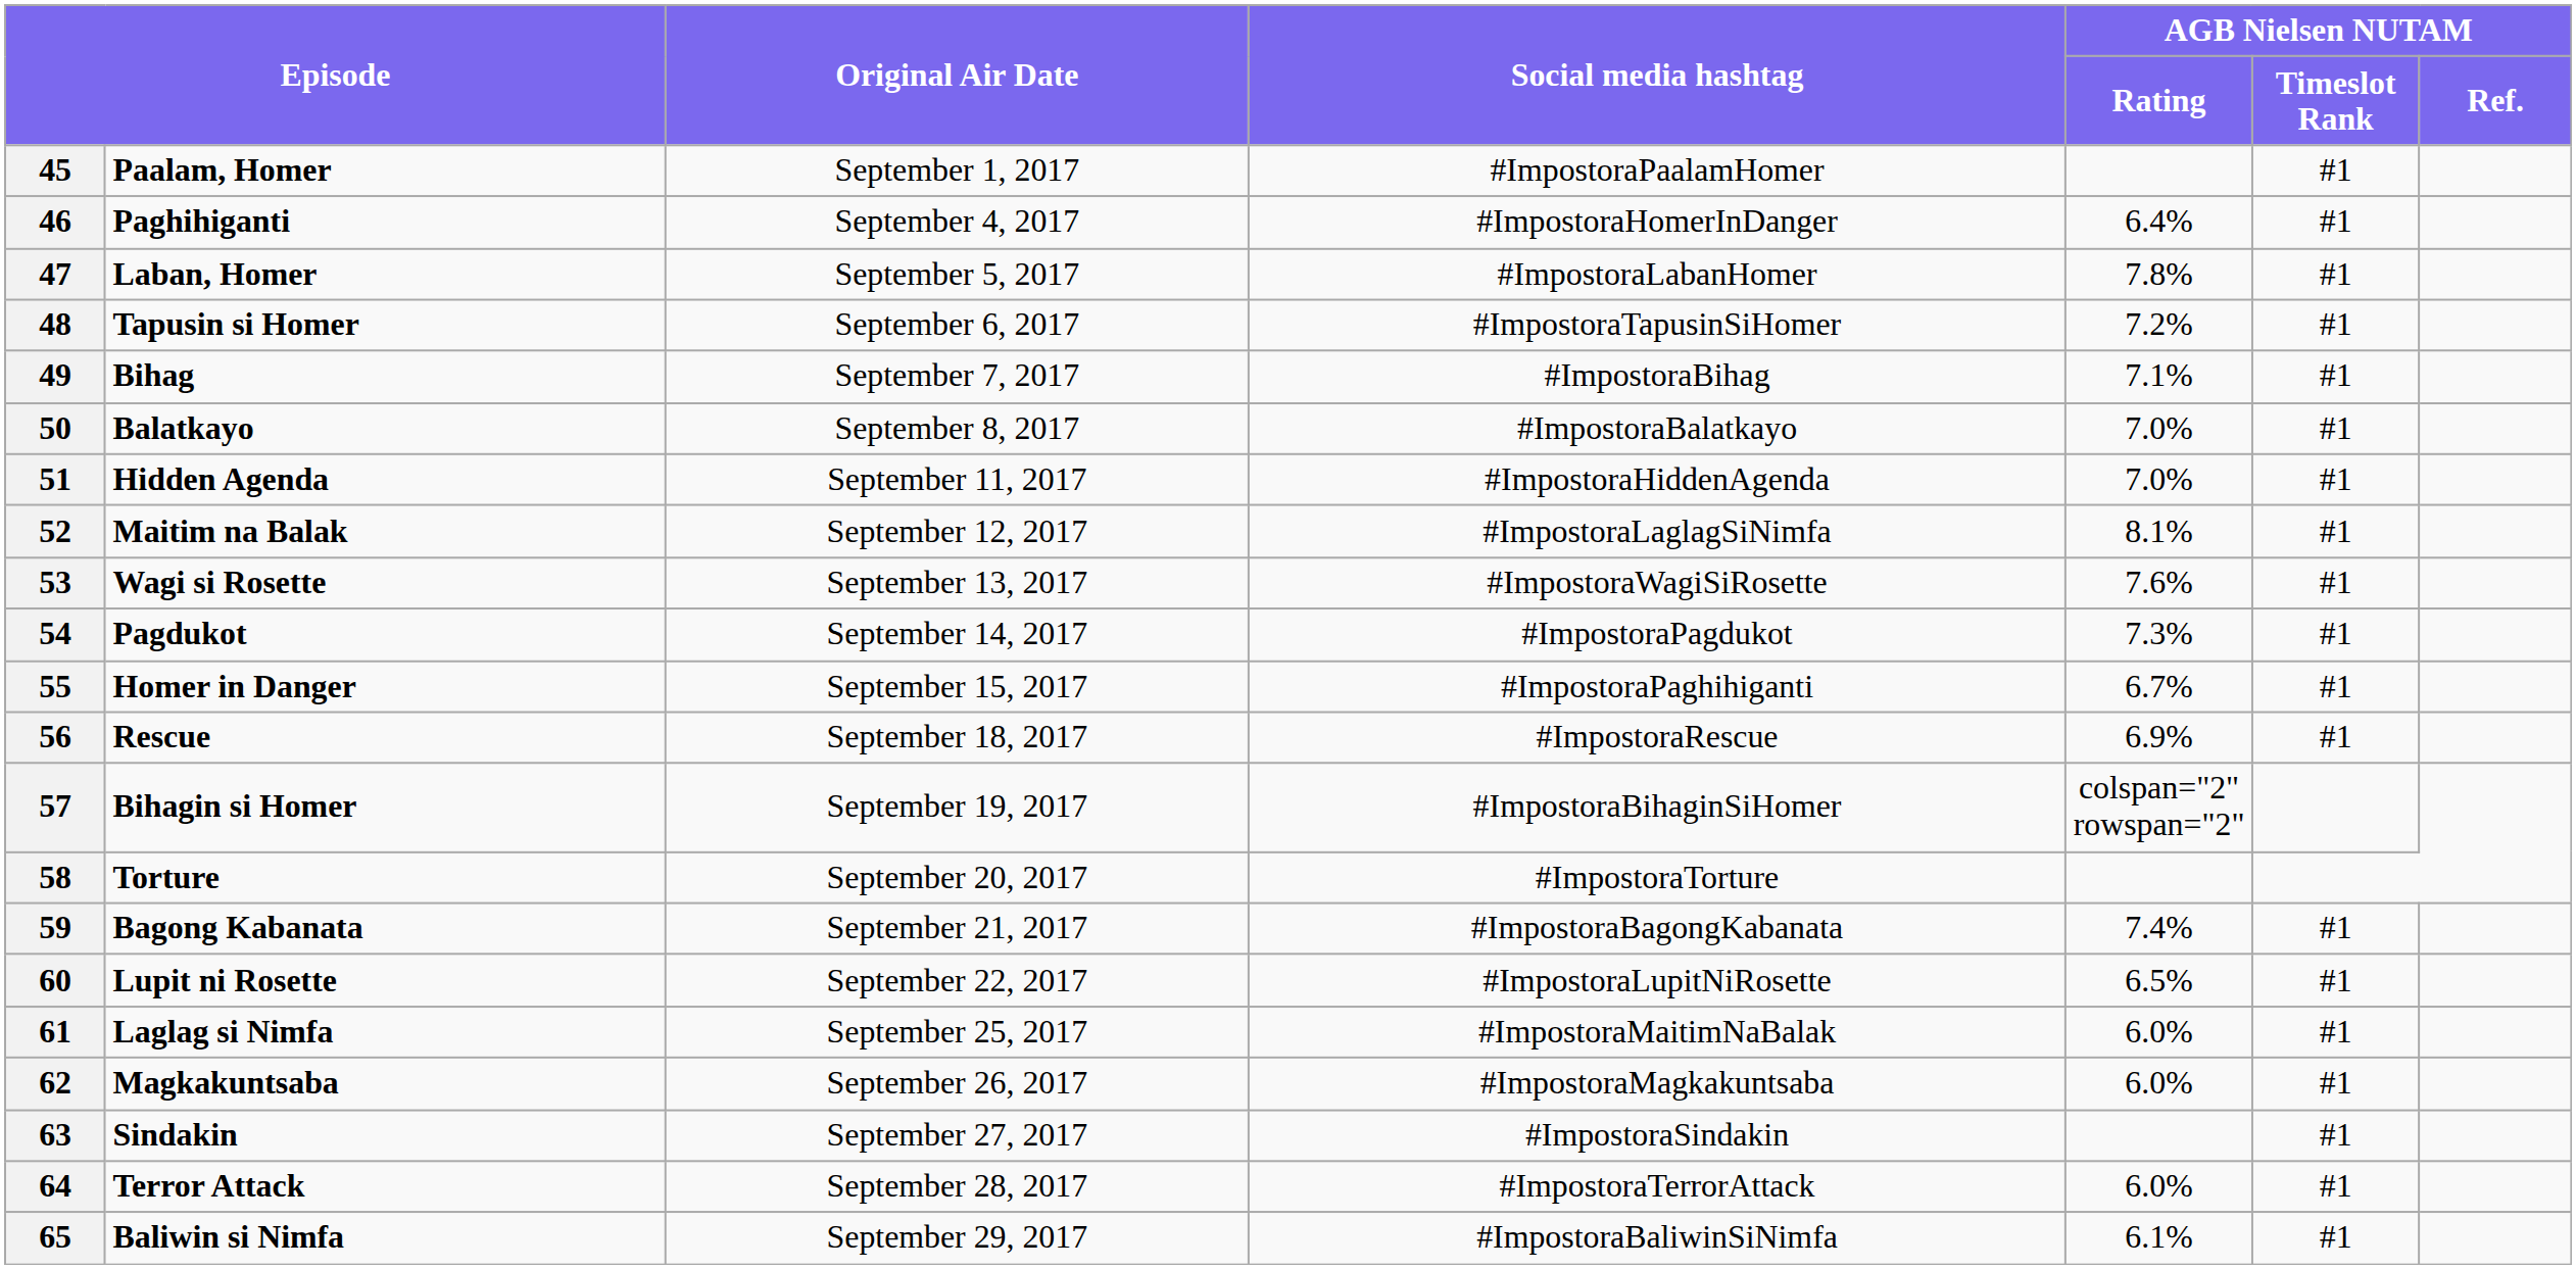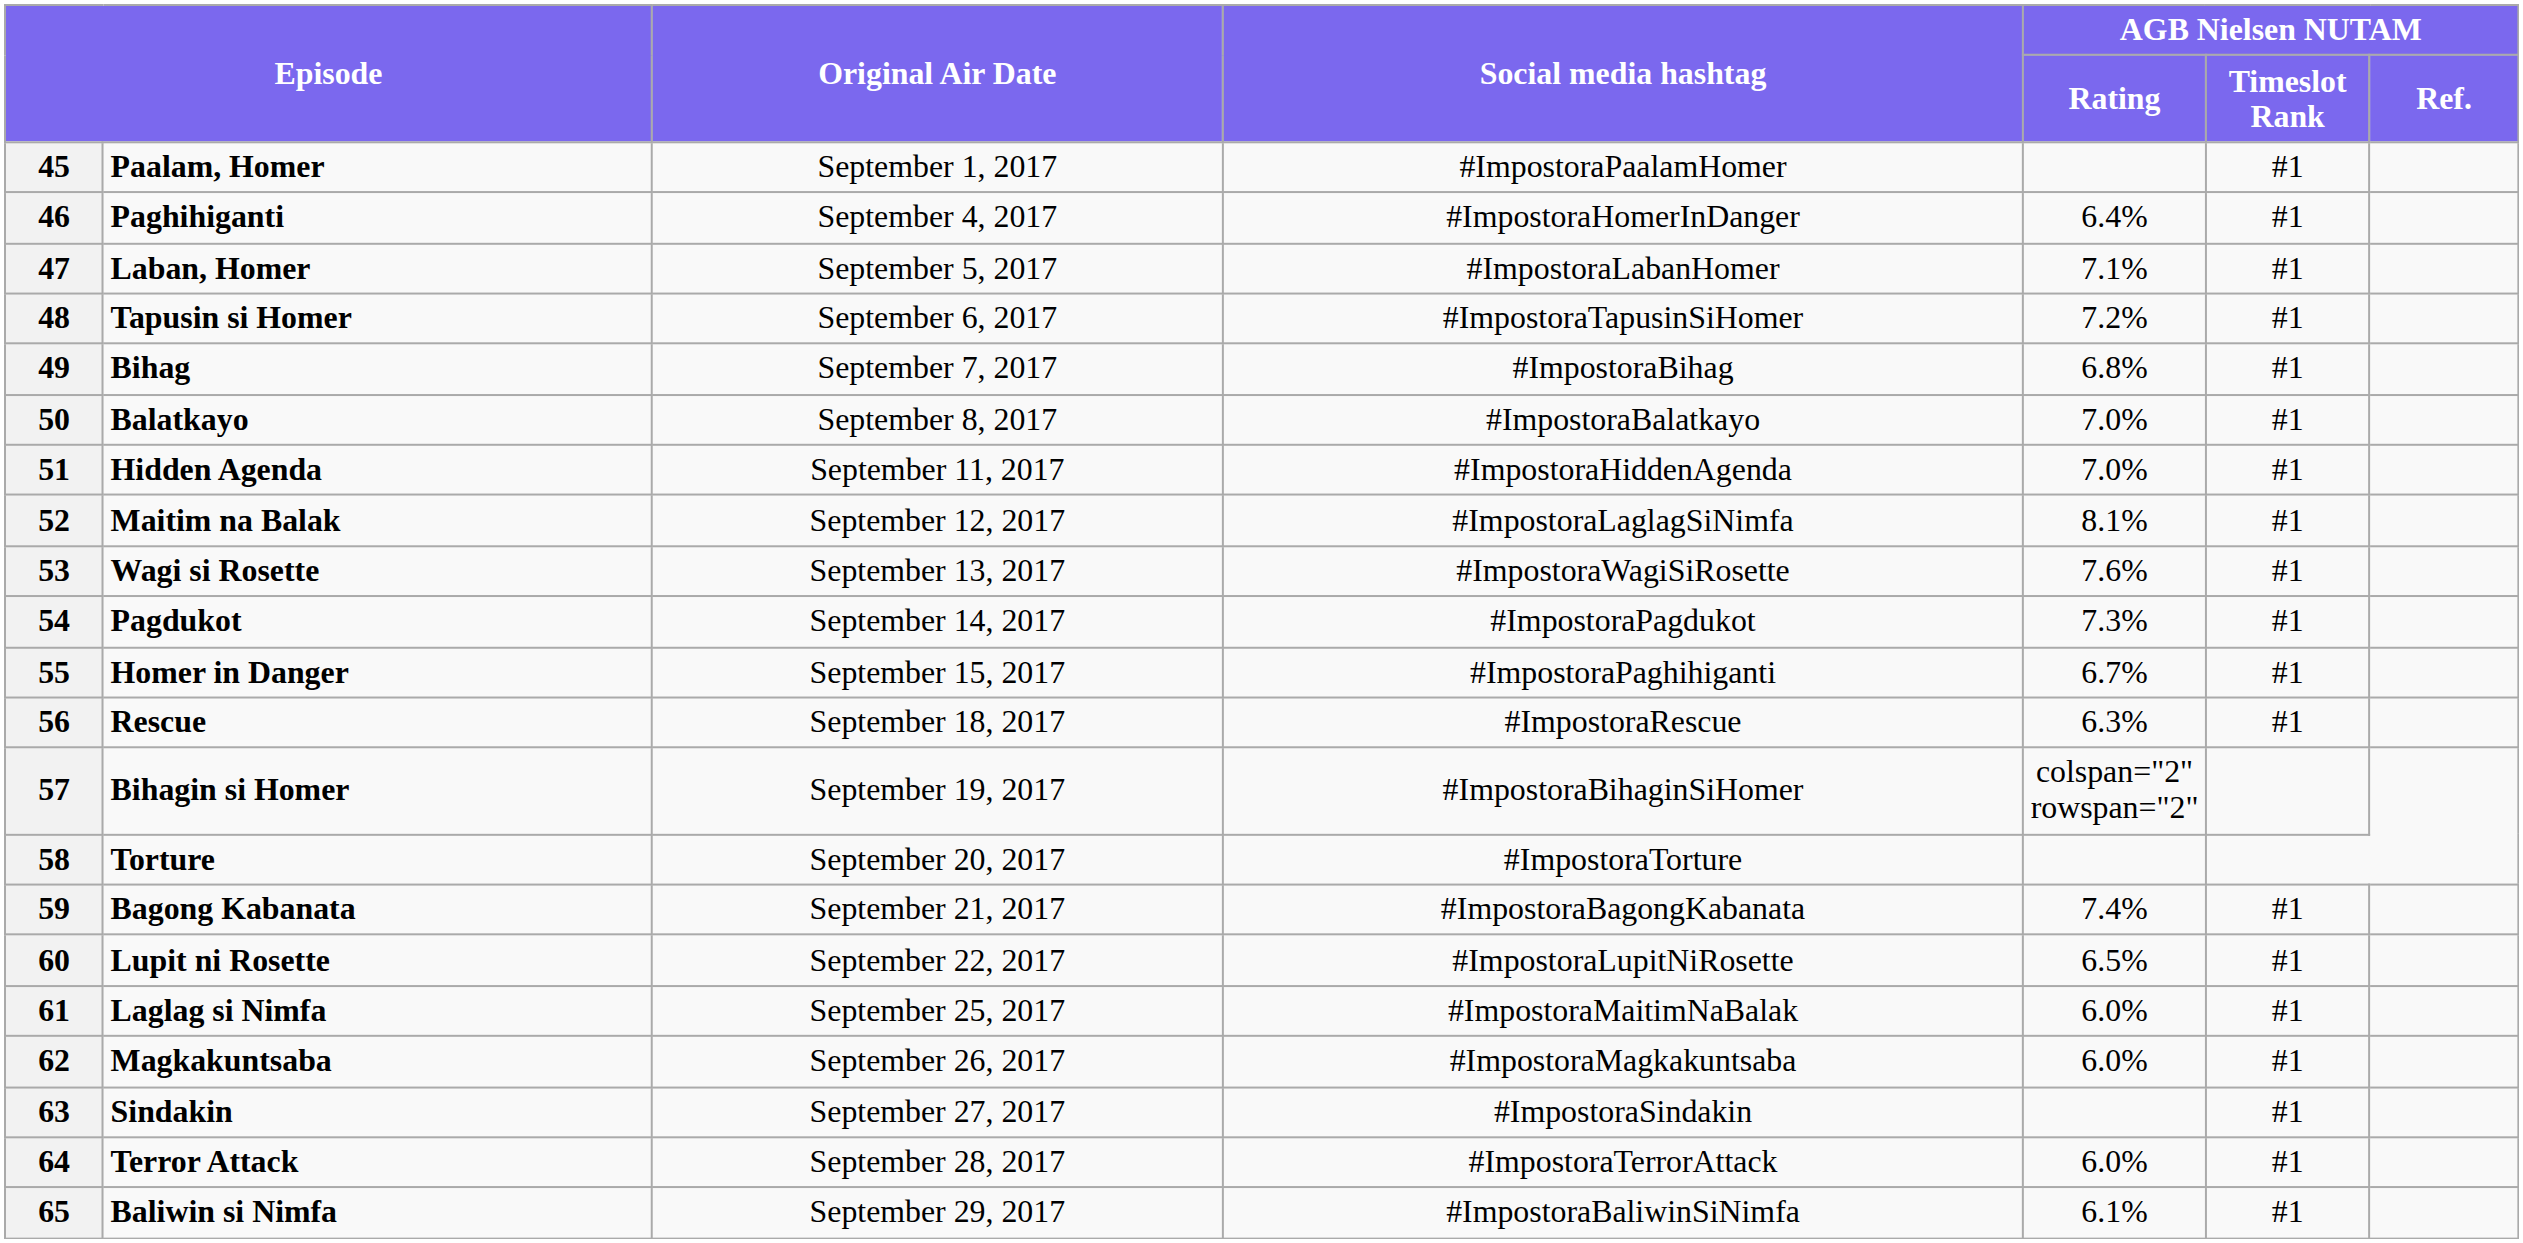 <table class="wikitable" style="text-align:center; font-size:100%; line-height:18px;"  width="100%">
 <tr>
 <th colspan="2" rowspan="2" style="background-color:#7B68EE; color:#ffffff;">Episode</th>
 <th style="background:#7B68EE; color:white" rowspan="2">Original Air Date</th>
 <th style="background:#7B68EE; color:white" rowspan="2">Social media hashtag</th>
 <th style="background-color:#7B68EE; color:#ffffff;" colspan="3">AGB Nielsen NUTAM</th>
 </tr>
 <tr>
 <th style="background-color:#7B68EE; width:75px; color:#ffffff;">Rating</th>
 <th style="background-color:#7B68EE; width:75px; color:#ffffff;">Timeslot<br>Rank</th>
 <th style="background-color:#7B68EE; color:#ffffff;">Ref.</th>
 </tr>
 <tr>
 <th>45</th>
 <td style="text-align: left;"><strong>Paalam, Homer</strong></td>
 <td>September 1, 2017</td>
 <td>#ImpostoraPaalamHomer</td>
 <td></td>
 <td>#1</td>
 <td></td>
 </tr>
 <tr>
 <th>46</th>
 <td style="text-align: left;"><strong>Paghihiganti</strong></td>
 <td>September 4, 2017</td>
 <td>#ImpostoraHomerInDanger</td>
 <td>6.4%</td>
 <td>#1</td>
 <td></td>
 </tr>
 <tr>
 <th>47</th>
 <td style="text-align: left;"><strong>Laban, Homer</strong></td>
 <td>September 5, 2017</td>
 <td>#ImpostoraLabanHomer</td>
-<td>7.8%</td>
+<td>7.1%</td>
 <td>#1</td>
 <td></td>
 </tr>
 <tr>
 <th>48</th>
 <td style="text-align: left;"><strong>Tapusin si Homer</strong></td>
 <td>September 6, 2017</td>
 <td>#ImpostoraTapusinSiHomer</td>
 <td>7.2%</td>
 <td>#1</td>
 <td></td>
 </tr>
 <tr>
 <th>49</th>
 <td style="text-align: left;"><strong>Bihag</strong></td>
 <td>September 7, 2017</td>
 <td>#ImpostoraBihag</td>
-<td>7.1%</td>
+<td>6.8%</td>
 <td>#1</td>
 <td></td>
 </tr>
 <tr>
 <th>50</th>
 <td style="text-align: left;"><strong>Balatkayo</strong></td>
 <td>September 8, 2017</td>
 <td>#ImpostoraBalatkayo</td>
 <td>7.0%</td>
 <td>#1</td>
 <td></td>
 </tr>
 <tr>
 <th>51</th>
 <td style="text-align: left;"><strong>Hidden Agenda</strong></td>
 <td>September 11, 2017</td>
 <td>#ImpostoraHiddenAgenda</td>
 <td>7.0%</td>
 <td>#1</td>
 <td></td>
 </tr>
 <tr>
 <th>52</th>
 <td style="text-align: left;"><strong>Maitim na Balak</strong></td>
 <td>September 12, 2017</td>
 <td>#ImpostoraLaglagSiNimfa</td>
 <td>8.1%</td>
 <td>#1</td>
 <td></td>
 </tr>
 <tr>
 <th>53</th>
 <td style="text-align: left;"><strong>Wagi si Rosette</strong></td>
 <td>September 13, 2017</td>
 <td>#ImpostoraWagiSiRosette</td>
 <td>7.6%</td>
 <td>#1</td>
 <td></td>
 </tr>
 <tr>
 <th>54</th>
 <td style="text-align: left;"><strong>Pagdukot</strong></td>
 <td>September 14, 2017</td>
 <td>#ImpostoraPagdukot</td>
 <td>7.3%</td>
 <td>#1</td>
 <td></td>
 </tr>
 <tr>
 <th>55</th>
 <td style="text-align: left;"><strong>Homer in Danger</strong></td>
 <td>September 15, 2017</td>
 <td>#ImpostoraPaghihiganti</td>
 <td>6.7%</td>
 <td>#1</td>
 <td></td>
 </tr>
 <tr>
 <th>56</th>
 <td style="text-align: left;"><strong>Rescue</strong></td>
 <td>September 18, 2017</td>
 <td>#ImpostoraRescue</td>
-<td>6.9%</td>
+<td>6.3%</td>
 <td>#1</td>
 <td></td>
 </tr>
 <tr>
 <th>57</th>
 <td style="text-align: left;"><strong>Bihagin si Homer</strong></td>
 <td>September 19, 2017</td>
 <td>#ImpostoraBihaginSiHomer</td>
 <td>colspan="2" rowspan="2" </td>
 <td></td>
 </tr>
 <tr>
 <th>58</th>
 <td style="text-align: left;"><strong>Torture</strong></td>
 <td>September 20, 2017</td>
 <td>#ImpostoraTorture</td>
 <td></td>
 </tr>
 <tr>
 <th>59</th>
 <td style="text-align: left;"><strong>Bagong Kabanata</strong></td>
 <td>September 21, 2017</td>
 <td>#ImpostoraBagongKabanata</td>
 <td>7.4%</td>
 <td>#1</td>
 <td></td>
 </tr>
 <tr>
 <th>60</th>
 <td style="text-align: left;"><strong>Lupit ni Rosette</strong></td>
 <td>September 22, 2017</td>
 <td>#ImpostoraLupitNiRosette</td>
 <td>6.5%</td>
 <td>#1</td>
 <td></td>
 </tr>
 <tr>
 <th>61</th>
 <td style="text-align: left;"><strong>Laglag si Nimfa</strong></td>
 <td>September 25, 2017</td>
 <td>#ImpostoraMaitimNaBalak</td>
 <td>6.0%</td>
 <td>#1</td>
 <td></td>
 </tr>
 <tr>
 <th>62</th>
 <td style="text-align: left;"><strong>Magkakuntsaba</strong></td>
 <td>September 26, 2017</td>
 <td>#ImpostoraMagkakuntsaba</td>
 <td>6.0%</td>
 <td>#1</td>
 <td></td>
 </tr>
 <tr>
 <th>63</th>
 <td style="text-align: left;"><strong>Sindakin</strong></td>
 <td>September 27, 2017</td>
 <td>#ImpostoraSindakin</td>
 <td></td>
 <td>#1</td>
 <td></td>
 </tr>
 <tr>
 <th>64</th>
 <td style="text-align: left;"><strong>Terror Attack</strong></td>
 <td>September 28, 2017</td>
 <td>#ImpostoraTerrorAttack</td>
 <td>6.0%</td>
 <td>#1</td>
 <td></td>
 </tr>
 <tr>
 <th>65</th>
 <td style="text-align: left;"><strong>Baliwin si Nimfa</strong></td>
 <td>September 29, 2017</td>
 <td>#ImpostoraBaliwinSiNimfa</td>
 <td>6.1%</td>
 <td>#1</td>
 <td></td>
 </tr>
 <tr>
 </tr>
 </table>
